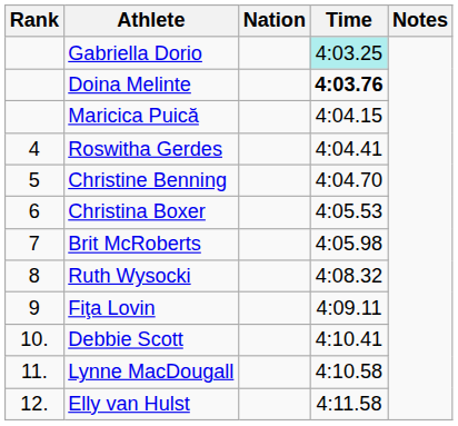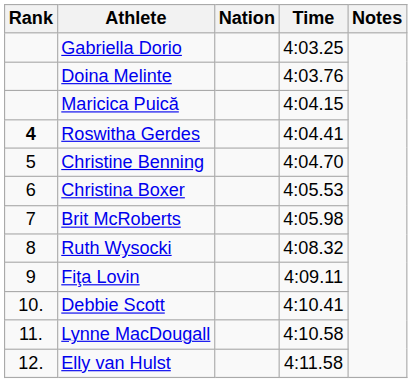 <table class="wikitable sortable" style="text-align:center">
 <tr>
 <th>Rank</th>
 <th>Athlete</th>
 <th>Nation</th>
 <th>Time</th>
 <th>Notes</th>
 </tr>
 <tr>
 <td></td>
 <td align=left><a href='#'>Gabriella Dorio</a></td>
 <td align=left></td>
-<td style="background: paleturquoise;">4:03.25</td>
+<td>4:03.25</td>
 </tr>
 <tr>
 <td></td>
 <td align=left><a href='#'>Doina Melinte</a></td>
 <td align=left></td>
-<td><strong>4:03.76</strong></td>
+<td>4:03.76</td>
 </tr>
 <tr>
 <td></td>
 <td align=left><a href='#'>Maricica Puică</a></td>
 <td align=left></td>
 <td>4:04.15</td>
 </tr>
 <tr>
-<td>4</td>
+<td><strong>4</strong></td>
 <td align=left><a href='#'>Roswitha Gerdes</a></td>
 <td align=left></td>
 <td>4:04.41</td>
 </tr>
 <tr>
 <td>5</td>
 <td align=left><a href='#'>Christine Benning</a></td>
 <td align=left></td>
 <td>4:04.70</td>
 </tr>
 <tr>
 <td>6</td>
 <td align=left><a href='#'>Christina Boxer</a></td>
 <td align=left></td>
 <td>4:05.53</td>
 </tr>
 <tr>
 <td>7</td>
 <td align=left><a href='#'>Brit McRoberts</a></td>
 <td align=left></td>
 <td>4:05.98</td>
 </tr>
 <tr>
 <td>8</td>
 <td align=left><a href='#'>Ruth Wysocki</a></td>
 <td align=left></td>
 <td>4:08.32</td>
 </tr>
 <tr>
 <td>9</td>
 <td align=left><a href='#'>Fiţa Lovin</a></td>
 <td align=left></td>
 <td>4:09.11</td>
 </tr>
 <tr>
 <td>10.</td>
 <td align=left><a href='#'>Debbie Scott</a></td>
 <td align=left></td>
 <td>4:10.41</td>
 </tr>
 <tr>
 <td>11.</td>
 <td align=left><a href='#'>Lynne MacDougall</a></td>
 <td align=left></td>
 <td>4:10.58</td>
 </tr>
 <tr>
 <td>12.</td>
 <td align=left><a href='#'>Elly van Hulst</a></td>
 <td align=left></td>
 <td>4:11.58</td>
 </tr>
 </table>
